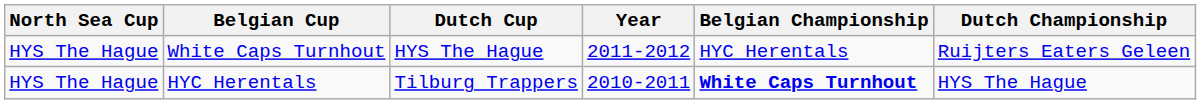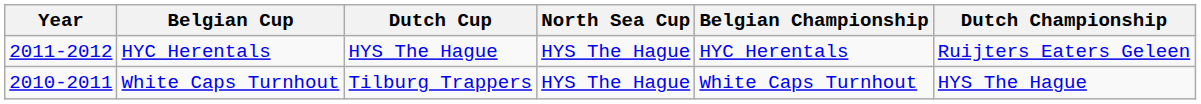 <table class="wikitable">
 <tr>
-<th>North Sea Cup</th>
+<th>Year</th>
 <th>Belgian Cup</th>
 <th>Dutch Cup</th>
-<th>Year</th>
+<th>North Sea Cup</th>
 <th>Belgian Championship</th>
 <th>Dutch Championship</th>
 </tr>
 <tr>
+<td><a href='#'>2011-2012</a></td>
+<td><a href='#'>HYC Herentals</a></td>
 <td><a href='#'>HYS The Hague</a></td>
-<td><a href='#'>White Caps Turnhout</a></td>
 <td><a href='#'>HYS The Hague</a></td>
-<td><a href='#'>2011-2012</a></td>
 <td><a href='#'>HYC Herentals</a></td>
 <td><a href='#'>Ruijters Eaters Geleen</a></td>
 </tr>
 <tr>
+<td><a href='#'>2010-2011</a></td>
+<td><a href='#'>White Caps Turnhout</a></td>
+<td><a href='#'>Tilburg Trappers</a></td>
 <td><a href='#'>HYS The Hague</a></td>
-<td><a href='#'>HYC Herentals</a></td>
-<td><a href='#'>Tilburg Trappers</a></td>
-<td><a href='#'>2010-2011</a></td>
-<td><strong><a href='#'>White Caps Turnhout</a></strong></td>
+<td><a href='#'>White Caps Turnhout</a></td>
 <td><a href='#'>HYS The Hague</a></td>
 </tr>
 </table>
